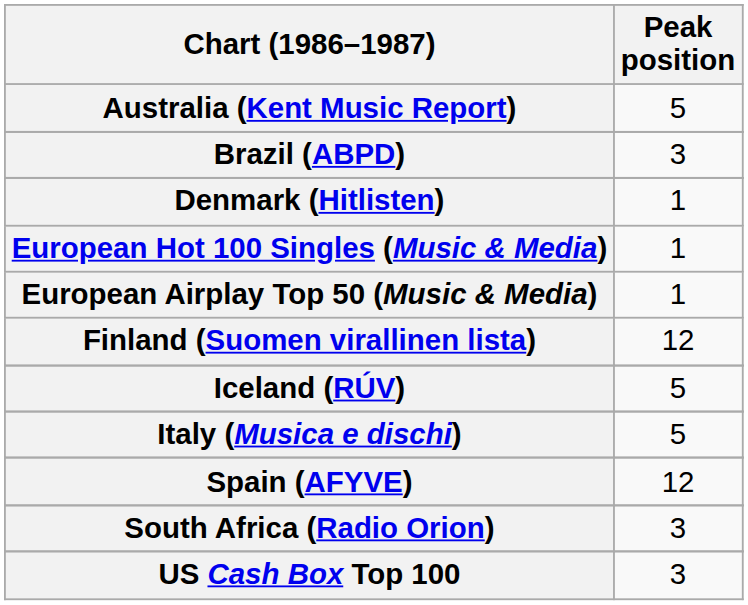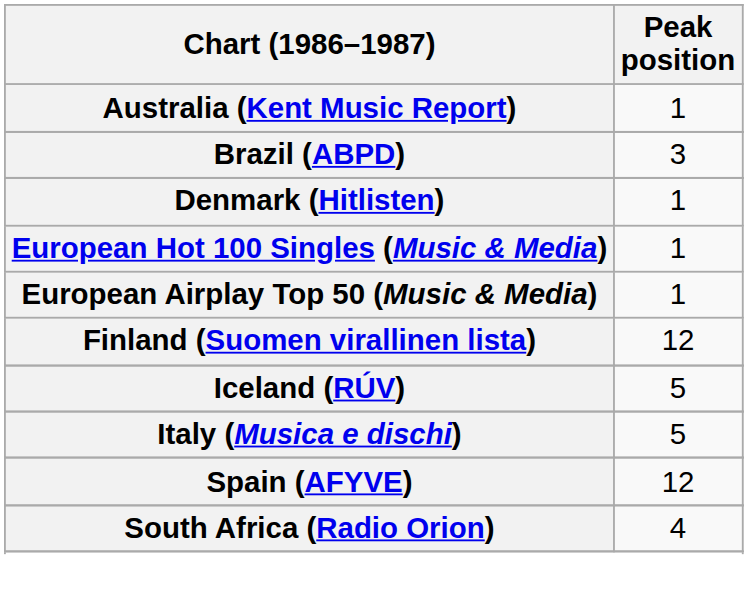 <table class="wikitable sortable plainrowheaders" style="text-align:center">
 <tr>
 <th>Chart (1986–1987)</th>
 <th>Peak<br>position</th>
 </tr>
 <tr>
 <th scope="row">Australia (<a href='#'>Kent Music Report</a>)</th>
-<td>5</td>
+<td>1</td>
 </tr>
 <tr>
 </tr>
 <tr>
 </tr>
 <tr>
 <th scope="row">Brazil (<a href='#'>ABPD</a>)</th>
 <td>3</td>
 </tr>
 <tr>
 </tr>
 <tr>
 <th scope="row">Denmark (<a href='#'>Hitlisten</a>)</th>
 <td>1</td>
 </tr>
 <tr>
 <th scope="row"><a href='#'>European Hot 100 Singles</a> (<em><a href='#'>Music & Media</a></em>)</th>
 <td>1</td>
 </tr>
 <tr>
 <th scope="row">European Airplay Top 50 (<em>Music & Media</em>)</th>
 <td>1</td>
 </tr>
 <tr>
 <th scope="row">Finland (<a href='#'>Suomen virallinen lista</a>)</th>
 <td>12</td>
 </tr>
 <tr>
 </tr>
 <tr>
 </tr>
 <tr>
 <th scope="row">Iceland (<a href='#'>RÚV</a>)</th>
 <td>5</td>
 </tr>
 <tr>
 </tr>
 <tr>
 <th scope="row">Italy (<em><a href='#'>Musica e dischi</a></em>)</th>
 <td>5</td>
 </tr>
 <tr>
 </tr>
 <tr>
 </tr>
 <tr>
 </tr>
 <tr>
 <th scope="row">Spain (<a href='#'>AFYVE</a>)</th>
 <td>12</td>
 </tr>
 <tr>
 </tr>
 <tr>
 </tr>
 <tr>
 <th scope="row">South Africa (<a href='#'>Radio Orion</a>)</th>
-<td>3</td>
+<td>4</td>
 </tr>
 <tr>
 </tr>
 <tr>
 </tr>
 <tr>
 </tr>
 <tr>
 </tr>
 <tr>
 </tr>
-<tr>
-<th scope="row">US <em><a href='#'>Cash Box</a></em> Top 100</th>
-<td>3</td>
-</tr>
 </table>
